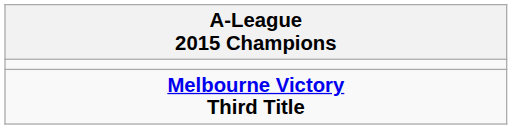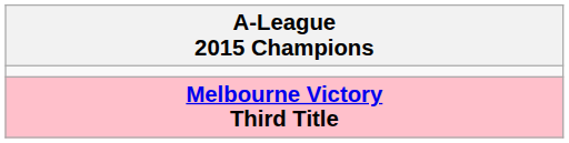 <table class="wikitable" style="text-align: center; margin: 0 auto; width: 20%">
 <tr>
 <th>A-League<br>2015 Champions</th>
 </tr>
 <tr>
 <td></td>
 </tr>
 <tr>
-<td><strong><a href='#'>Melbourne Victory</a></strong><br><strong>Third Title</strong></td>
+<td style="background: pink;"><strong><a href='#'>Melbourne Victory</a></strong><br><strong>Third Title</strong></td>
 </tr>
 </table>
